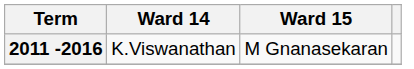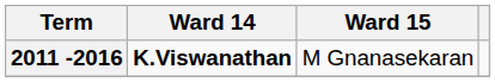 <table class="wikitable">
 <tr>
 <th scope="col">Term</th>
 <th scope="col">Ward 14</th>
 <th scope="col">Ward 15</th>
 <th scope="col"></th>
 </tr>
 <tr>
 <th scope ="row">2011 -2016</th>
-<td>K.Viswanathan</td>
+<td><strong>K.Viswanathan</strong></td>
 <td>M Gnanasekaran</td>
 <td></td>
 </tr>
 <tr>
 </tr>
 </table>
